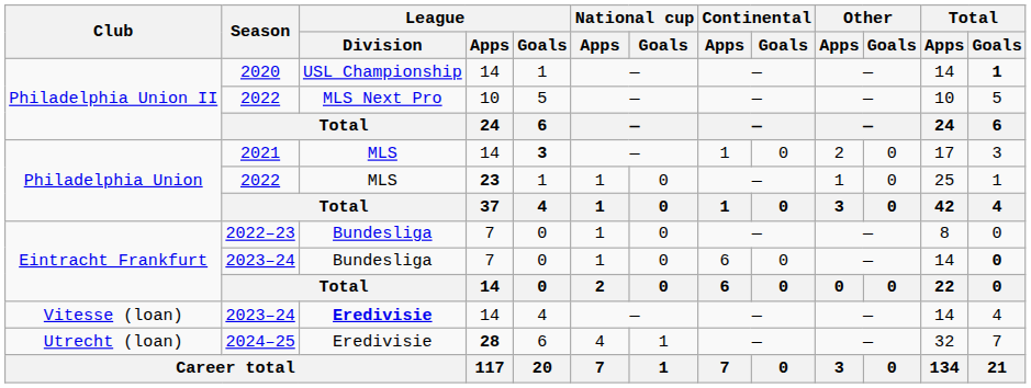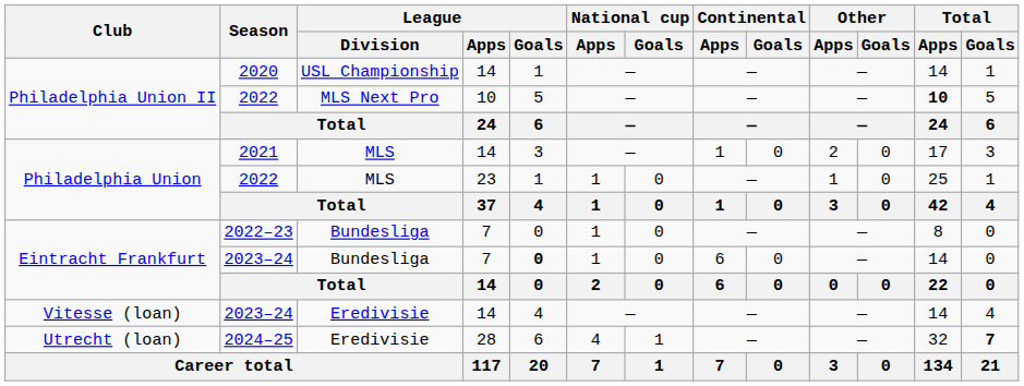 <table class=wikitable style=text-align:center>
 <tr>
 <th rowspan="2">Club</th>
 <th rowspan="2">Season</th>
 <th colspan="3">League</th>
 <th colspan="2">National cup</th>
 <th colspan="2">Continental</th>
 <th colspan="2">Other</th>
 <th colspan="2">Total</th>
 </tr>
 <tr>
 <th>Division</th>
 <th>Apps</th>
 <th>Goals</th>
 <th>Apps</th>
 <th>Goals</th>
 <th>Apps</th>
 <th>Goals</th>
 <th>Apps</th>
 <th>Goals</th>
 <th>Apps</th>
 <th>Goals</th>
 </tr>
 <tr>
 <td rowspan="3"><a href='#'>Philadelphia Union II</a></td>
 <td><a href='#'>2020</a></td>
 <td><a href='#'>USL Championship</a></td>
 <td>14</td>
 <td>1</td>
 <td colspan="2">—</td>
 <td colspan="2">—</td>
 <td colspan="2">—</td>
 <td>14</td>
-<td><strong>1</strong></td>
+<td>1</td>
 </tr>
 <tr>
 <td><a href='#'>2022</a></td>
 <td><a href='#'>MLS Next Pro</a></td>
 <td>10</td>
 <td>5</td>
 <td colspan="2">—</td>
 <td colspan="2">—</td>
 <td colspan="2">—</td>
-<td>10</td>
+<td><strong>10</strong></td>
 <td>5</td>
 </tr>
 <tr>
 <th colspan="2">Total</th>
 <th>24</th>
 <th>6</th>
 <th colspan="2">—</th>
 <th colspan="2">—</th>
 <th colspan="2">—</th>
 <th>24</th>
 <th>6</th>
 </tr>
 <tr>
 <td rowspan="3"><a href='#'>Philadelphia Union</a></td>
 <td><a href='#'>2021</a></td>
 <td><a href='#'>MLS</a></td>
 <td>14</td>
-<td><strong>3</strong></td>
+<td>3</td>
 <td colspan="2">—</td>
 <td>1</td>
 <td>0</td>
 <td>2</td>
 <td>0</td>
 <td>17</td>
 <td>3</td>
 </tr>
 <tr>
 <td><a href='#'>2022</a></td>
 <td>MLS</td>
-<td><strong>23</strong></td>
+<td>23</td>
 <td>1</td>
 <td>1</td>
 <td>0</td>
 <td colspan="2">—</td>
 <td>1</td>
 <td>0</td>
 <td>25</td>
 <td>1</td>
 </tr>
 <tr>
 <th colspan="2">Total</th>
 <th>37</th>
 <th>4</th>
 <th>1</th>
 <th>0</th>
 <th>1</th>
 <th>0</th>
 <th>3</th>
 <th>0</th>
 <th>42</th>
 <th>4</th>
 </tr>
 <tr>
 <td rowspan="3"><a href='#'>Eintracht Frankfurt</a></td>
 <td><a href='#'>2022–23</a></td>
 <td><a href='#'>Bundesliga</a></td>
 <td>7</td>
 <td>0</td>
 <td>1</td>
 <td>0</td>
 <td colspan="2">—</td>
 <td colspan="2">—</td>
 <td>8</td>
 <td>0</td>
 </tr>
 <tr>
 <td><a href='#'>2023–24</a></td>
 <td>Bundesliga</td>
 <td>7</td>
-<td>0</td>
+<td><strong>0</strong></td>
 <td>1</td>
 <td>0</td>
 <td>6</td>
 <td>0</td>
 <td colspan="2">—</td>
 <td>14</td>
-<td><strong>0</strong></td>
+<td>0</td>
 </tr>
 <tr>
 <th colspan="2">Total</th>
 <th>14</th>
 <th>0</th>
 <th>2</th>
 <th>0</th>
 <th>6</th>
 <th>0</th>
 <th>0</th>
 <th>0</th>
 <th>22</th>
 <th>0</th>
 </tr>
 <tr>
 <td><a href='#'>Vitesse</a> (loan)</td>
 <td><a href='#'>2023–24</a></td>
-<td><strong><a href='#'>Eredivisie</a></strong></td>
+<td><a href='#'>Eredivisie</a></td>
 <td>14</td>
 <td>4</td>
 <td colspan="2">—</td>
 <td colspan="2">—</td>
 <td colspan="2">—</td>
 <td>14</td>
 <td>4</td>
 </tr>
 <tr>
 <td><a href='#'>Utrecht</a> (loan)</td>
 <td><a href='#'>2024–25</a></td>
 <td>Eredivisie</td>
-<td><strong>28</strong></td>
+<td>28</td>
 <td>6</td>
 <td>4</td>
 <td>1</td>
 <td colspan="2">—</td>
 <td colspan="2">—</td>
 <td>32</td>
-<td>7</td>
+<td><strong>7</strong></td>
 </tr>
 <tr>
 <th colspan="3">Career total</th>
 <th>117</th>
 <th>20</th>
 <th>7</th>
 <th>1</th>
 <th>7</th>
 <th>0</th>
 <th>3</th>
 <th>0</th>
 <th>134</th>
 <th>21</th>
 </tr>
 </table>
